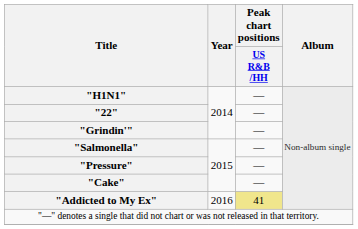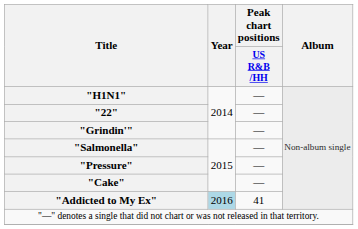 <table class="wikitable plainrowheaders" style="text-align:center;">
 <tr>
 <th scope="col" rowspan="2" style="width:18em;">Title</th>
 <th scope="col" rowspan="2" style="width:1em;">Year</th>
 <th scope="col" colspan="1">Peak chart positions</th>
 <th scope="col" rowspan="2">Album</th>
 </tr>
 <tr>
 <th scope="col" style="width:3em;font-size:90%;"><a href='#'>US<br>R&B<br>/HH</a><br></th>
 </tr>
 <tr>
 <th scope="row">"H1N1"</th>
 <td rowspan="3">2014</td>
 <td>—</td>
 <td rowspan="7" style="background: #ececec; color: #2C2C2C; vertical-align: middle; font-size: smaller; text-align: center; " class="table-na">Non-album single</td>
 </tr>
 <tr>
 <th scope="row">"22"</th>
 <td rowspan="1">—</td>
 </tr>
 <tr>
 <th scope="row">"Grindin'"</th>
 <td rowspan="1">—</td>
 </tr>
 <tr>
 <th scope="row">"Salmonella"</th>
 <td rowspan="3">2015</td>
 <td rowspan="1">—</td>
 </tr>
 <tr>
 <th scope="row">"Pressure"</th>
 <td rowspan="1">—</td>
 </tr>
 <tr>
 <th scope="row">"Cake"</th>
 <td rowspan="1">—</td>
 </tr>
 <tr>
 <th scope="row">"Addicted to My Ex"</th>
-<td>2016</td>
-<td rowspan="1" style="background: khaki;">41</td>
+<td style="background: lightblue;">2016</td>
+<td rowspan="1">41</td>
 </tr>
 <tr>
 <td colspan="20" style="font-size:85%">"—" denotes a single that did not chart or was not released in that territory.</td>
 </tr>
 <tr>
 </tr>
 </table>
